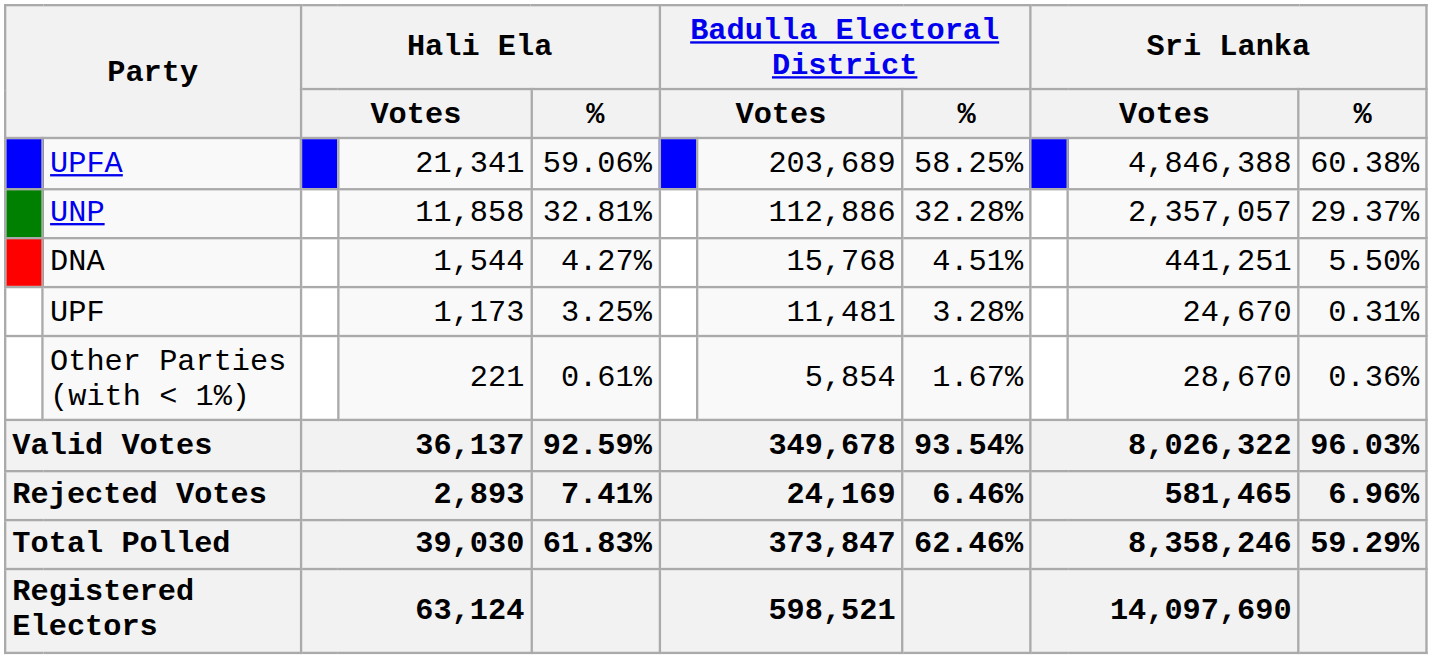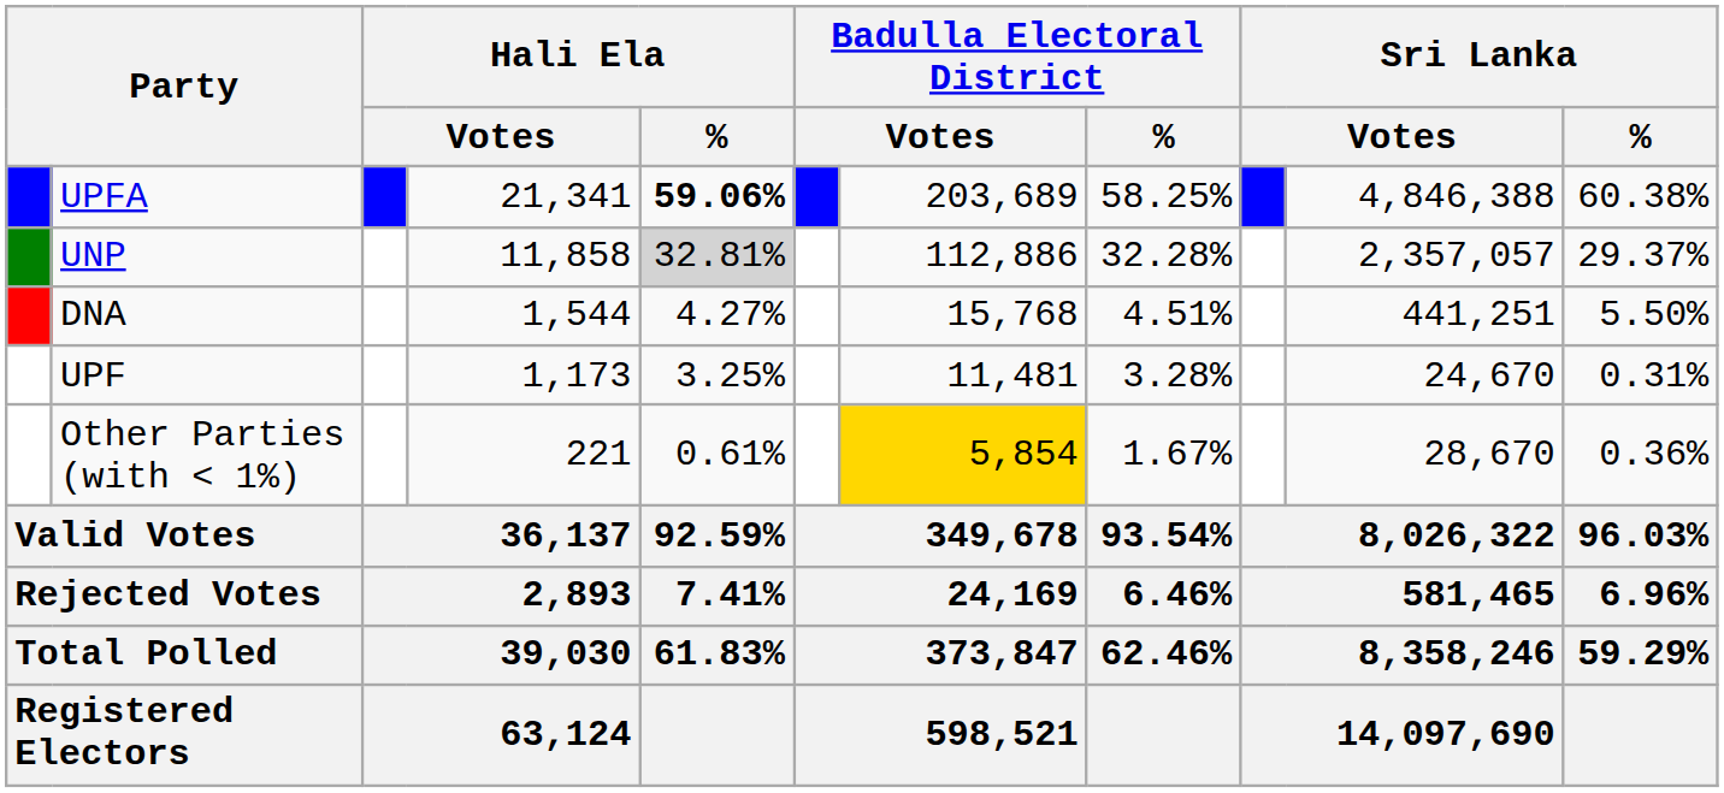 <table class="wikitable">
 <tr>
 <th colspan="2" width="144px"rowspan="2">Party</th>
 <th colspan="3" width="216px">Hali Ela</th>
 <th colspan="3" width="216px"><a href='#'>Badulla Electoral District</a></th>
 <th colspan="3" width="216px">Sri Lanka</th>
 </tr>
 <tr>
 <th colspan="2" width="144px">Votes</th>
 <th>%</th>
 <th colspan="2" width="144px">Votes</th>
 <th>%</th>
 <th colspan="2" width="144px">Votes</th>
 <th>%</th>
 </tr>
 <tr>
 <td style="background-color:blue;" width="10px"></td>
 <td style="text-align:left;"><a href='#'>UPFA</a></td>
 <td style="background-color:blue;" width="10px"></td>
 <td style="text-align:right;">21,341</td>
-<td style="text-align:right;">59.06%</td>
+<td style="text-align:right;"><strong>59.06%</strong></td>
 <td style="background-color:blue;" width="10px"></td>
 <td style="text-align:right;">203,689</td>
 <td style="text-align:right;">58.25%</td>
 <td style="background-color:blue;" width="10px"></td>
 <td style="text-align:right;">4,846,388</td>
 <td style="text-align:right;">60.38%</td>
 </tr>
 <tr>
 <td style="background-color:green;" width="10px"></td>
 <td style="text-align:left;"><a href='#'>UNP</a></td>
 <td style="background-color:white;" width="10px"></td>
 <td style="text-align:right;">11,858</td>
-<td style="text-align:right;">32.81%</td>
+<td style="background: lightgrey; text-align:right;">32.81%</td>
 <td style="background-color:white;" width="10px"></td>
 <td style="text-align:right;">112,886</td>
 <td style="text-align:right;">32.28%</td>
 <td style="background-color:white;" width="10px"></td>
 <td style="text-align:right;">2,357,057</td>
 <td style="text-align:right;">29.37%</td>
 </tr>
 <tr>
 <td style="background-color:red;" width="10px"></td>
 <td style="text-align:left;">DNA</td>
 <td style="background-color:white;" width="10px"></td>
 <td style="text-align:right;">1,544</td>
 <td style="text-align:right;">4.27%</td>
 <td style="background-color:white;" width="10px"></td>
 <td style="text-align:right;">15,768</td>
 <td style="text-align:right;">4.51%</td>
 <td style="background-color:white;" width="10px"></td>
 <td style="text-align:right;">441,251</td>
 <td style="text-align:right;">5.50%</td>
 </tr>
 <tr>
 <td style="background-color:white;" width="10px"></td>
 <td style="text-align:left;">UPF</td>
 <td style="background-color:white;" width="10px"></td>
 <td style="text-align:right;">1,173</td>
 <td style="text-align:right;">3.25%</td>
 <td style="background-color:white;" width="10px"></td>
 <td style="text-align:right;">11,481</td>
 <td style="text-align:right;">3.28%</td>
 <td style="background-color:white;" width="10px"></td>
 <td style="text-align:right;">24,670</td>
 <td style="text-align:right;">0.31%</td>
 </tr>
 <tr>
 <td style="background-color:white;" width="10px"></td>
 <td style="text-align:left;">Other Parties (with < 1%)</td>
 <td style="background-color:white;" width="10px"></td>
 <td style="text-align:right;">221</td>
 <td style="text-align:right;">0.61%</td>
 <td style="background-color:white;" width="10px"></td>
-<td style="text-align:right;">5,854</td>
+<td style="background: gold; text-align:right;">5,854</td>
 <td style="text-align:right;">1.67%</td>
 <td style="background-color:white;" width="10px"></td>
 <td style="text-align:right;">28,670</td>
 <td style="text-align:right;">0.36%</td>
 </tr>
 <tr>
 <th colspan="2" width="144px"style="text-align:left;">Valid Votes</th>
 <th style="text-align:right;"colspan="2" width="144px">36,137</th>
 <th style="text-align:right;">92.59%</th>
 <th style="text-align:right;"colspan="2" width="144px">349,678</th>
 <th style="text-align:right;">93.54%</th>
 <th style="text-align:right;"colspan="2" width="144px">8,026,322</th>
 <th style="text-align:right;">96.03%</th>
 </tr>
 <tr>
 <th colspan="2" width="144px"style="text-align:left;">Rejected Votes</th>
 <th style="text-align:right;"colspan="2" width="144px">2,893</th>
 <th style="text-align:right;">7.41%</th>
 <th style="text-align:right;"colspan="2" width="144px">24,169</th>
 <th style="text-align:right;">6.46%</th>
 <th style="text-align:right;"colspan="2" width="144px">581,465</th>
 <th style="text-align:right;">6.96%</th>
 </tr>
 <tr>
 <th colspan="2" width="144px"style="text-align:left;">Total Polled</th>
 <th style="text-align:right;"colspan="2" width="144px">39,030</th>
 <th style="text-align:right;">61.83%</th>
 <th style="text-align:right;"colspan="2" width="144px">373,847</th>
 <th style="text-align:right;">62.46%</th>
 <th style="text-align:right;"colspan="2" width="144px">8,358,246</th>
 <th style="text-align:right;">59.29%</th>
 </tr>
 <tr>
 <th colspan="2" width="144px"style="text-align:left;">Registered Electors</th>
 <th style="text-align:right;"colspan="2" width="144px">63,124</th>
 <th></th>
 <th style="text-align:right;"colspan="2" width="144px">598,521</th>
 <th></th>
 <th style="text-align:right;"colspan="2" width="144px">14,097,690</th>
 <th></th>
 </tr>
 </table>
